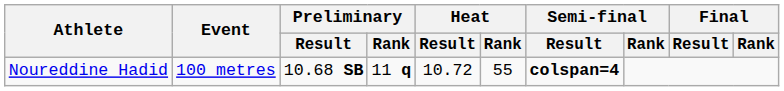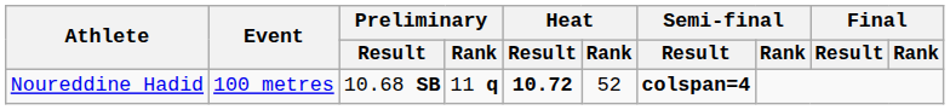 <table class=wikitable style=font-size:90%>
 <tr>
 <th rowspan=2>Athlete</th>
 <th rowspan=2>Event</th>
 <th colspan=2>Preliminary</th>
 <th colspan=2>Heat</th>
 <th colspan=2>Semi-final</th>
 <th colspan=2>Final</th>
 </tr>
 <tr style=font-size:95%>
 <th>Result</th>
 <th>Rank</th>
 <th>Result</th>
 <th>Rank</th>
 <th>Result</th>
 <th>Rank</th>
 <th>Result</th>
 <th>Rank</th>
 </tr>
 <tr align=center>
 <td align=left><a href='#'>Noureddine Hadid</a></td>
 <td align=left><a href='#'>100 metres</a></td>
 <td>10.68 <strong>SB</strong></td>
 <td>11 <strong>q</strong></td>
-<td>10.72</td>
-<td>55</td>
+<td><strong>10.72</strong></td>
+<td>52</td>
 <td><strong>colspan=4 </strong></td>
 </tr>
 </table>
